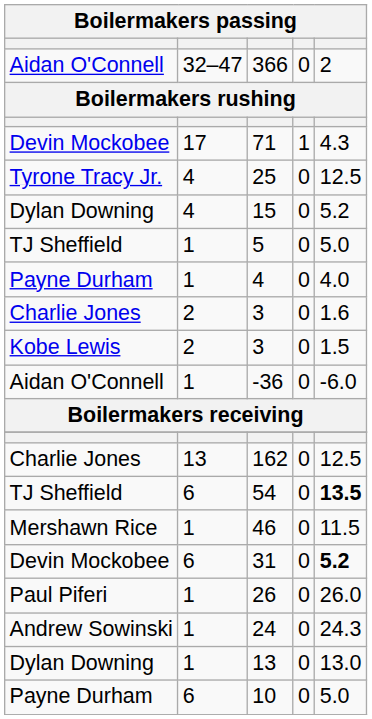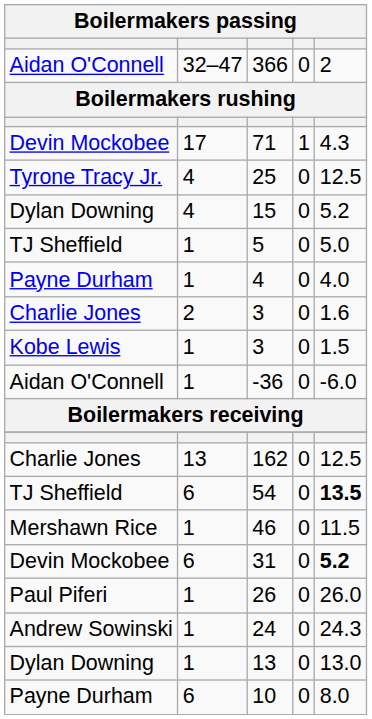 <table class="wikitable plainrowheaders">
 <tr>
 <th colspan="6">Boilermakers passing</th>
 </tr>
 <tr>
 <th scope="col"></th>
 <th scope="col"></th>
 <th scope="col"></th>
 <th scope="col"></th>
 <th scope="col"></th>
 </tr>
 <tr>
 <td><a href='#'>Aidan O'Connell</a></td>
 <td>32–47</td>
 <td>366</td>
 <td>0</td>
 <td>2</td>
 </tr>
 <tr>
 <th colspan="6">Boilermakers rushing</th>
 </tr>
 <tr>
 <th scope="col"></th>
 <th scope="col"></th>
 <th scope="col"></th>
 <th scope="col"></th>
 <th scope="col"></th>
 </tr>
 <tr>
 <td><a href='#'>Devin Mockobee</a></td>
 <td>17</td>
 <td>71</td>
 <td>1</td>
 <td>4.3</td>
 </tr>
 <tr>
 <td><a href='#'>Tyrone Tracy Jr.</a></td>
 <td>4</td>
 <td>25</td>
 <td>0</td>
 <td>12.5</td>
 </tr>
 <tr>
 <td>Dylan Downing</td>
 <td>4</td>
 <td>15</td>
 <td>0</td>
 <td>5.2</td>
 </tr>
 <tr>
 <td>TJ Sheffield</td>
 <td>1</td>
 <td>5</td>
 <td>0</td>
 <td>5.0</td>
 </tr>
 <tr>
 <td><a href='#'>Payne Durham</a></td>
 <td>1</td>
 <td>4</td>
 <td>0</td>
 <td>4.0</td>
 </tr>
 <tr>
 <td><a href='#'>Charlie Jones</a></td>
 <td>2</td>
 <td>3</td>
 <td>0</td>
 <td>1.6</td>
 </tr>
 <tr>
 <td><a href='#'>Kobe Lewis</a></td>
-<td>2</td>
+<td>1</td>
 <td>3</td>
 <td>0</td>
 <td>1.5</td>
 </tr>
 <tr>
 <td>Aidan O'Connell</td>
 <td>1</td>
 <td>-36</td>
 <td>0</td>
 <td>-6.0</td>
 </tr>
 <tr>
 <th colspan="6">Boilermakers receiving</th>
 </tr>
 <tr>
 </tr>
 <tr>
 <th scope="col"></th>
 <th scope="col"></th>
 <th scope="col"></th>
 <th scope="col"></th>
 <th scope="col"></th>
 </tr>
 <tr>
 <td>Charlie Jones</td>
 <td>13</td>
 <td>162</td>
 <td>0</td>
 <td>12.5</td>
 </tr>
 <tr>
 <td>TJ Sheffield</td>
 <td>6</td>
 <td>54</td>
 <td>0</td>
 <td><strong>13.5</strong></td>
 </tr>
 <tr>
 <td>Mershawn Rice</td>
 <td>1</td>
 <td>46</td>
 <td>0</td>
 <td>11.5</td>
 </tr>
 <tr>
 <td>Devin Mockobee</td>
 <td>6</td>
 <td>31</td>
 <td>0</td>
 <td><strong>5.2</strong></td>
 </tr>
 <tr>
 <td>Paul Piferi</td>
 <td>1</td>
 <td>26</td>
 <td>0</td>
 <td>26.0</td>
 </tr>
 <tr>
 <td>Andrew Sowinski</td>
 <td>1</td>
 <td>24</td>
 <td>0</td>
 <td>24.3</td>
 </tr>
 <tr>
 <td>Dylan Downing</td>
 <td>1</td>
 <td>13</td>
 <td>0</td>
 <td>13.0</td>
 </tr>
 <tr>
 <td>Payne Durham</td>
 <td>6</td>
 <td>10</td>
 <td>0</td>
-<td>5.0</td>
+<td>8.0</td>
 </tr>
 <tr>
 </tr>
 </table>
